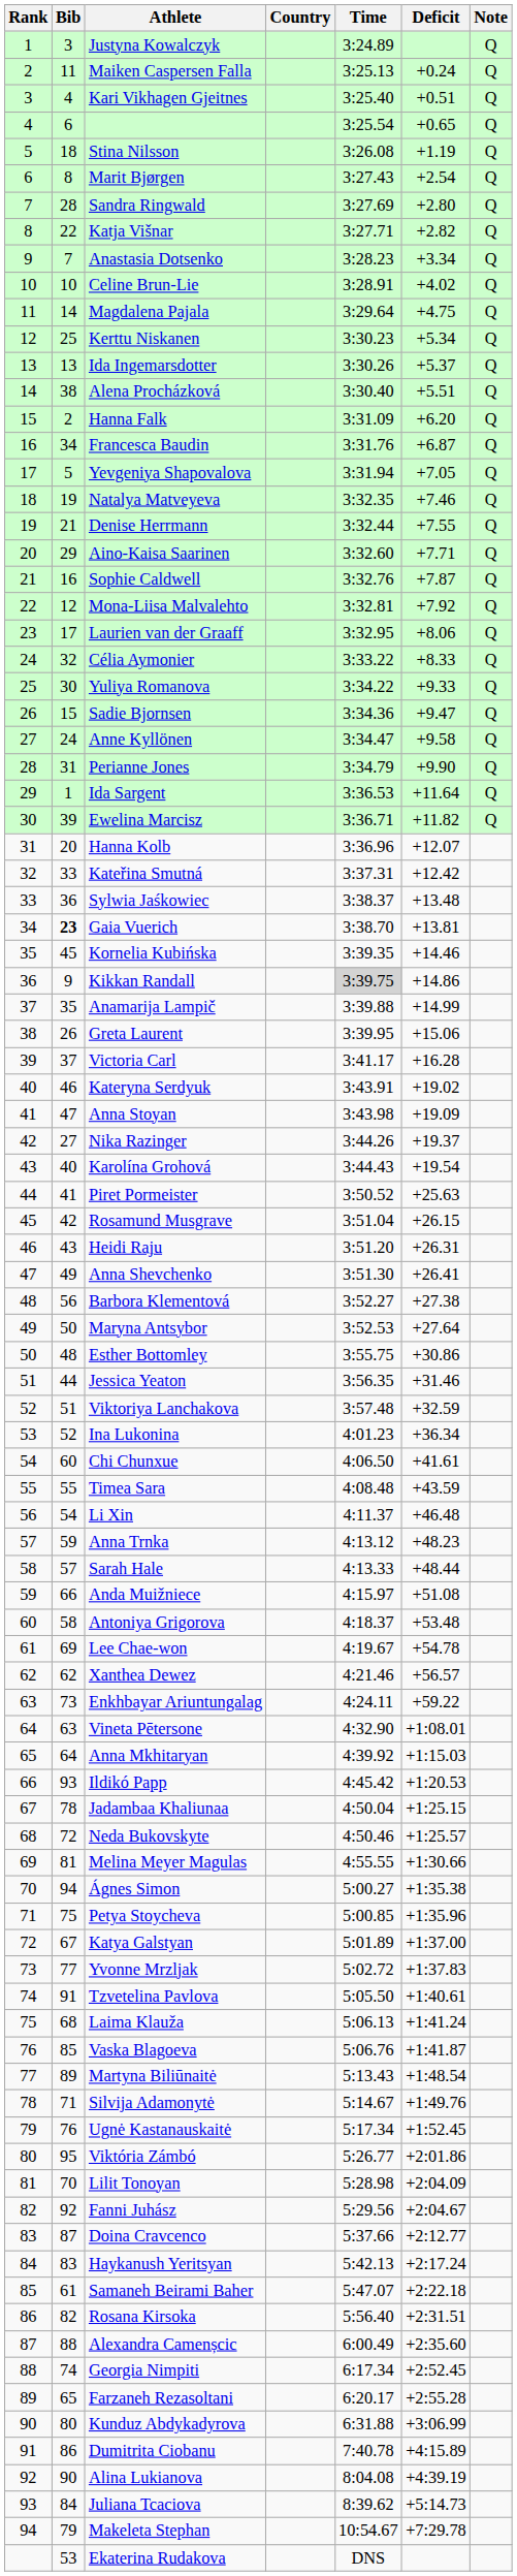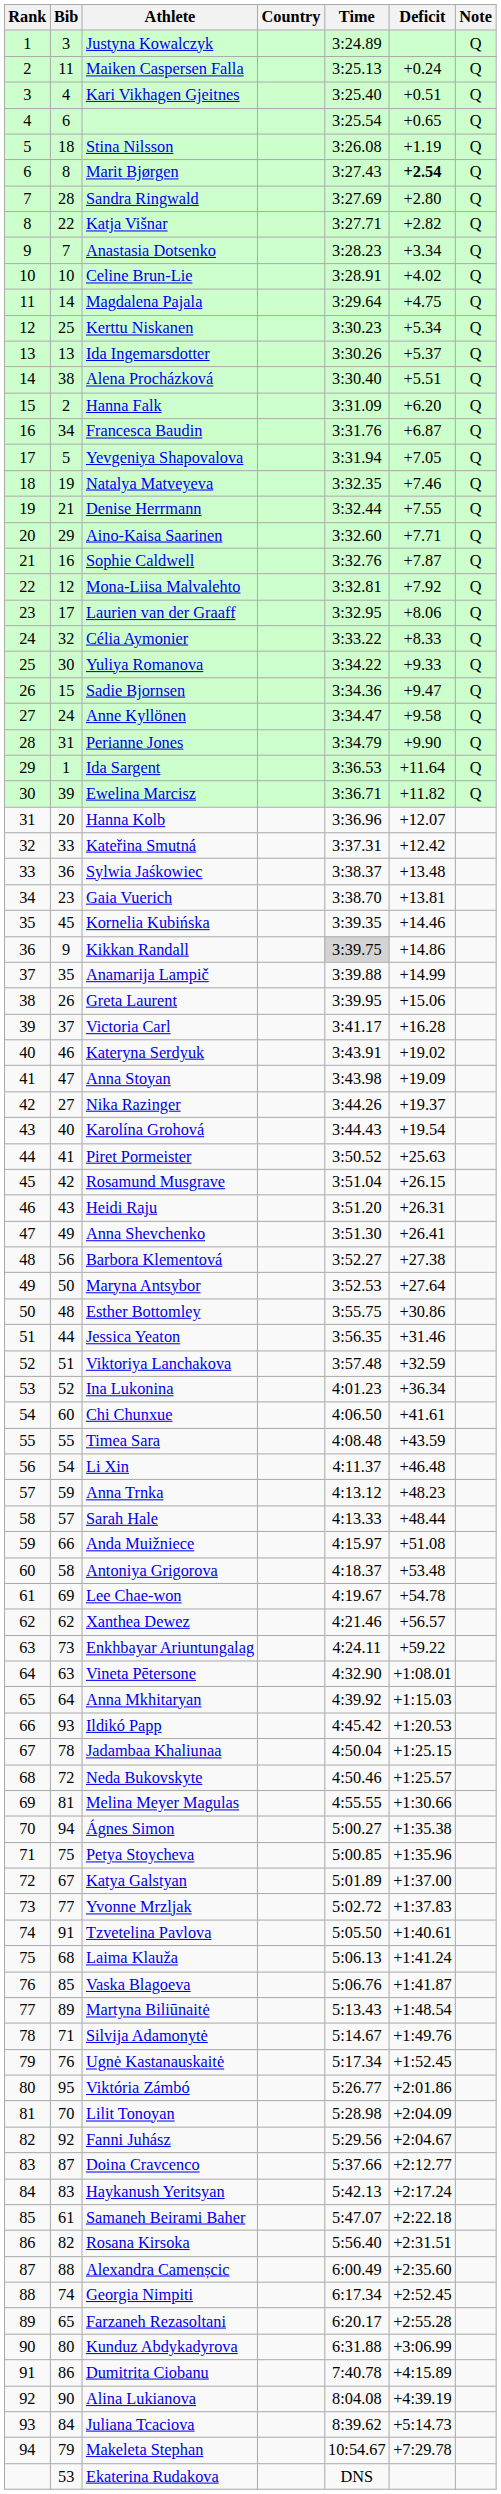 <table class="wikitable sortable" style="text-align:center">
 <tr>
 <th>Rank</th>
 <th>Bib</th>
 <th>Athlete</th>
 <th>Country</th>
 <th>Time</th>
 <th>Deficit</th>
 <th>Note</th>
 </tr>
 <tr bgcolor=ccffcc>
 <td>1</td>
 <td>3</td>
 <td align=left><a href='#'>Justyna Kowalczyk</a></td>
 <td align=left></td>
 <td>3:24.89</td>
 <td></td>
 <td>Q</td>
 </tr>
 <tr bgcolor=ccffcc>
 <td>2</td>
 <td>11</td>
 <td align=left><a href='#'>Maiken Caspersen Falla</a></td>
 <td align=left></td>
 <td>3:25.13</td>
 <td>+0.24</td>
 <td>Q</td>
 </tr>
 <tr bgcolor=ccffcc>
 <td>3</td>
 <td>4</td>
 <td align=left><a href='#'>Kari Vikhagen Gjeitnes</a></td>
 <td align=left></td>
 <td>3:25.40</td>
 <td>+0.51</td>
 <td>Q</td>
 </tr>
 <tr bgcolor=ccffcc>
 <td>4</td>
 <td>6</td>
 <td align=left></td>
 <td align=left></td>
 <td>3:25.54</td>
 <td>+0.65</td>
 <td>Q</td>
 </tr>
 <tr bgcolor=ccffcc>
 <td>5</td>
 <td>18</td>
 <td align=left><a href='#'>Stina Nilsson</a></td>
 <td align=left></td>
 <td>3:26.08</td>
 <td>+1.19</td>
 <td>Q</td>
 </tr>
 <tr bgcolor=ccffcc>
 <td>6</td>
 <td>8</td>
 <td align=left><a href='#'>Marit Bjørgen</a></td>
 <td align=left></td>
 <td>3:27.43</td>
-<td>+2.54</td>
+<td><strong>+2.54</strong></td>
 <td>Q</td>
 </tr>
 <tr bgcolor=ccffcc>
 <td>7</td>
 <td>28</td>
 <td align=left><a href='#'>Sandra Ringwald</a></td>
 <td align=left></td>
 <td>3:27.69</td>
 <td>+2.80</td>
 <td>Q</td>
 </tr>
 <tr bgcolor=ccffcc>
 <td>8</td>
 <td>22</td>
 <td align=left><a href='#'>Katja Višnar</a></td>
 <td align=left></td>
 <td>3:27.71</td>
 <td>+2.82</td>
 <td>Q</td>
 </tr>
 <tr bgcolor=ccffcc>
 <td>9</td>
 <td>7</td>
 <td align=left><a href='#'>Anastasia Dotsenko</a></td>
 <td align=left></td>
 <td>3:28.23</td>
 <td>+3.34</td>
 <td>Q</td>
 </tr>
 <tr bgcolor=ccffcc>
 <td>10</td>
 <td>10</td>
 <td align=left><a href='#'>Celine Brun-Lie</a></td>
 <td align=left></td>
 <td>3:28.91</td>
 <td>+4.02</td>
 <td>Q</td>
 </tr>
 <tr bgcolor=ccffcc>
 <td>11</td>
 <td>14</td>
 <td align=left><a href='#'>Magdalena Pajala</a></td>
 <td align=left></td>
 <td>3:29.64</td>
 <td>+4.75</td>
 <td>Q</td>
 </tr>
 <tr bgcolor=ccffcc>
 <td>12</td>
 <td>25</td>
 <td align=left><a href='#'>Kerttu Niskanen</a></td>
 <td align=left></td>
 <td>3:30.23</td>
 <td>+5.34</td>
 <td>Q</td>
 </tr>
 <tr bgcolor=ccffcc>
 <td>13</td>
 <td>13</td>
 <td align=left><a href='#'>Ida Ingemarsdotter</a></td>
 <td align=left></td>
 <td>3:30.26</td>
 <td>+5.37</td>
 <td>Q</td>
 </tr>
 <tr bgcolor=ccffcc>
 <td>14</td>
 <td>38</td>
 <td align=left><a href='#'>Alena Procházková</a></td>
 <td align=left></td>
 <td>3:30.40</td>
 <td>+5.51</td>
 <td>Q</td>
 </tr>
 <tr bgcolor=ccffcc>
 <td>15</td>
 <td>2</td>
 <td align=left><a href='#'>Hanna Falk</a></td>
 <td align=left></td>
 <td>3:31.09</td>
 <td>+6.20</td>
 <td>Q</td>
 </tr>
 <tr bgcolor=ccffcc>
 <td>16</td>
 <td>34</td>
 <td align=left><a href='#'>Francesca Baudin</a></td>
 <td align=left></td>
 <td>3:31.76</td>
 <td>+6.87</td>
 <td>Q</td>
 </tr>
 <tr bgcolor=ccffcc>
 <td>17</td>
 <td>5</td>
 <td align=left><a href='#'>Yevgeniya Shapovalova</a></td>
 <td align=left></td>
 <td>3:31.94</td>
 <td>+7.05</td>
 <td>Q</td>
 </tr>
 <tr bgcolor=ccffcc>
 <td>18</td>
 <td>19</td>
 <td align=left><a href='#'>Natalya Matveyeva</a></td>
 <td align=left></td>
 <td>3:32.35</td>
 <td>+7.46</td>
 <td>Q</td>
 </tr>
 <tr bgcolor=ccffcc>
 <td>19</td>
 <td>21</td>
 <td align=left><a href='#'>Denise Herrmann</a></td>
 <td align=left></td>
 <td>3:32.44</td>
 <td>+7.55</td>
 <td>Q</td>
 </tr>
 <tr bgcolor=ccffcc>
 <td>20</td>
 <td>29</td>
 <td align=left><a href='#'>Aino-Kaisa Saarinen</a></td>
 <td align=left></td>
 <td>3:32.60</td>
 <td>+7.71</td>
 <td>Q</td>
 </tr>
 <tr bgcolor=ccffcc>
 <td>21</td>
 <td>16</td>
 <td align=left><a href='#'>Sophie Caldwell</a></td>
 <td align=left></td>
 <td>3:32.76</td>
 <td>+7.87</td>
 <td>Q</td>
 </tr>
 <tr bgcolor=ccffcc>
 <td>22</td>
 <td>12</td>
 <td align=left><a href='#'>Mona-Liisa Malvalehto</a></td>
 <td align=left></td>
 <td>3:32.81</td>
 <td>+7.92</td>
 <td>Q</td>
 </tr>
 <tr bgcolor=ccffcc>
 <td>23</td>
 <td>17</td>
 <td align=left><a href='#'>Laurien van der Graaff</a></td>
 <td align=left></td>
 <td>3:32.95</td>
 <td>+8.06</td>
 <td>Q</td>
 </tr>
 <tr bgcolor=ccffcc>
 <td>24</td>
 <td>32</td>
 <td align=left><a href='#'>Célia Aymonier</a></td>
 <td align=left></td>
 <td>3:33.22</td>
 <td>+8.33</td>
 <td>Q</td>
 </tr>
 <tr bgcolor=ccffcc>
 <td>25</td>
 <td>30</td>
 <td align=left><a href='#'>Yuliya Romanova</a></td>
 <td align=left></td>
 <td>3:34.22</td>
 <td>+9.33</td>
 <td>Q</td>
 </tr>
 <tr bgcolor=ccffcc>
 <td>26</td>
 <td>15</td>
 <td align=left><a href='#'>Sadie Bjornsen</a></td>
 <td align=left></td>
 <td>3:34.36</td>
 <td>+9.47</td>
 <td>Q</td>
 </tr>
 <tr bgcolor=ccffcc>
 <td>27</td>
 <td>24</td>
 <td align=left><a href='#'>Anne Kyllönen</a></td>
 <td align=left></td>
 <td>3:34.47</td>
 <td>+9.58</td>
 <td>Q</td>
 </tr>
 <tr bgcolor=ccffcc>
 <td>28</td>
 <td>31</td>
 <td align=left><a href='#'>Perianne Jones</a></td>
 <td align=left></td>
 <td>3:34.79</td>
 <td>+9.90</td>
 <td>Q</td>
 </tr>
 <tr bgcolor=ccffcc>
 <td>29</td>
 <td>1</td>
 <td align=left><a href='#'>Ida Sargent</a></td>
 <td align=left></td>
 <td>3:36.53</td>
 <td>+11.64</td>
 <td>Q</td>
 </tr>
 <tr bgcolor=ccffcc>
 <td>30</td>
 <td>39</td>
 <td align=left><a href='#'>Ewelina Marcisz</a></td>
 <td align=left></td>
 <td>3:36.71</td>
 <td>+11.82</td>
 <td>Q</td>
 </tr>
 <tr>
 <td>31</td>
 <td>20</td>
 <td align=left><a href='#'>Hanna Kolb</a></td>
 <td align=left></td>
 <td>3:36.96</td>
 <td>+12.07</td>
 <td></td>
 </tr>
 <tr>
 <td>32</td>
 <td>33</td>
 <td align=left><a href='#'>Kateřina Smutná</a></td>
 <td align=left></td>
 <td>3:37.31</td>
 <td>+12.42</td>
 <td></td>
 </tr>
 <tr>
 <td>33</td>
 <td>36</td>
 <td align=left><a href='#'>Sylwia Jaśkowiec</a></td>
 <td align=left></td>
 <td>3:38.37</td>
 <td>+13.48</td>
 <td></td>
 </tr>
 <tr>
 <td>34</td>
-<td><strong>23</strong></td>
+<td>23</td>
 <td align=left><a href='#'>Gaia Vuerich</a></td>
 <td align=left></td>
 <td>3:38.70</td>
 <td>+13.81</td>
 <td></td>
 </tr>
 <tr>
 <td>35</td>
 <td>45</td>
 <td align=left><a href='#'>Kornelia Kubińska</a></td>
 <td align=left></td>
 <td>3:39.35</td>
 <td>+14.46</td>
 <td></td>
 </tr>
 <tr>
 <td>36</td>
 <td>9</td>
 <td align=left><a href='#'>Kikkan Randall</a></td>
 <td align=left></td>
 <td style="background: lightgrey;">3:39.75</td>
 <td>+14.86</td>
 <td></td>
 </tr>
 <tr>
 <td>37</td>
 <td>35</td>
 <td align=left><a href='#'>Anamarija Lampič</a></td>
 <td align=left></td>
 <td>3:39.88</td>
 <td>+14.99</td>
 <td></td>
 </tr>
 <tr>
 <td>38</td>
 <td>26</td>
 <td align=left><a href='#'>Greta Laurent</a></td>
 <td align=left></td>
 <td>3:39.95</td>
 <td>+15.06</td>
 <td></td>
 </tr>
 <tr>
 <td>39</td>
 <td>37</td>
 <td align=left><a href='#'>Victoria Carl</a></td>
 <td align=left></td>
 <td>3:41.17</td>
 <td>+16.28</td>
 <td></td>
 </tr>
 <tr>
 <td>40</td>
 <td>46</td>
 <td align=left><a href='#'>Kateryna Serdyuk</a></td>
 <td align=left></td>
 <td>3:43.91</td>
 <td>+19.02</td>
 <td></td>
 </tr>
 <tr>
 <td>41</td>
 <td>47</td>
 <td align=left><a href='#'>Anna Stoyan</a></td>
 <td align=left></td>
 <td>3:43.98</td>
 <td>+19.09</td>
 <td></td>
 </tr>
 <tr>
 <td>42</td>
 <td>27</td>
 <td align=left><a href='#'>Nika Razinger</a></td>
 <td align=left></td>
 <td>3:44.26</td>
 <td>+19.37</td>
 <td></td>
 </tr>
 <tr>
 <td>43</td>
 <td>40</td>
 <td align=left><a href='#'>Karolína Grohová</a></td>
 <td align=left></td>
 <td>3:44.43</td>
 <td>+19.54</td>
 <td></td>
 </tr>
 <tr>
 <td>44</td>
 <td>41</td>
 <td align=left><a href='#'>Piret Pormeister</a></td>
 <td align=left></td>
 <td>3:50.52</td>
 <td>+25.63</td>
 <td></td>
 </tr>
 <tr>
 <td>45</td>
 <td>42</td>
 <td align=left><a href='#'>Rosamund Musgrave</a></td>
 <td align=left></td>
 <td>3:51.04</td>
 <td>+26.15</td>
 <td></td>
 </tr>
 <tr>
 <td>46</td>
 <td>43</td>
 <td align=left><a href='#'>Heidi Raju</a></td>
 <td align=left></td>
 <td>3:51.20</td>
 <td>+26.31</td>
 <td></td>
 </tr>
 <tr>
 <td>47</td>
 <td>49</td>
 <td align=left><a href='#'>Anna Shevchenko</a></td>
 <td align=left></td>
 <td>3:51.30</td>
 <td>+26.41</td>
 <td></td>
 </tr>
 <tr>
 <td>48</td>
 <td>56</td>
 <td align=left><a href='#'>Barbora Klementová</a></td>
 <td align=left></td>
 <td>3:52.27</td>
 <td>+27.38</td>
 <td></td>
 </tr>
 <tr>
 <td>49</td>
 <td>50</td>
 <td align=left><a href='#'>Maryna Antsybor</a></td>
 <td align=left></td>
 <td>3:52.53</td>
 <td>+27.64</td>
 <td></td>
 </tr>
 <tr>
 <td>50</td>
 <td>48</td>
 <td align=left><a href='#'>Esther Bottomley</a></td>
 <td align=left></td>
 <td>3:55.75</td>
 <td>+30.86</td>
 <td></td>
 </tr>
 <tr>
 <td>51</td>
 <td>44</td>
 <td align=left><a href='#'>Jessica Yeaton</a></td>
 <td align=left></td>
 <td>3:56.35</td>
 <td>+31.46</td>
 <td></td>
 </tr>
 <tr>
 <td>52</td>
 <td>51</td>
 <td align=left><a href='#'>Viktoriya Lanchakova</a></td>
 <td align=left></td>
 <td>3:57.48</td>
 <td>+32.59</td>
 <td></td>
 </tr>
 <tr>
 <td>53</td>
 <td>52</td>
 <td align=left><a href='#'>Ina Lukonina</a></td>
 <td align=left></td>
 <td>4:01.23</td>
 <td>+36.34</td>
 <td></td>
 </tr>
 <tr>
 <td>54</td>
 <td>60</td>
 <td align=left><a href='#'>Chi Chunxue</a></td>
 <td align=left></td>
 <td>4:06.50</td>
 <td>+41.61</td>
 <td></td>
 </tr>
 <tr>
 <td>55</td>
 <td>55</td>
 <td align=left><a href='#'>Timea Sara</a></td>
 <td align=left></td>
 <td>4:08.48</td>
 <td>+43.59</td>
 <td></td>
 </tr>
 <tr>
 <td>56</td>
 <td>54</td>
 <td align=left><a href='#'>Li Xin</a></td>
 <td align=left></td>
 <td>4:11.37</td>
 <td>+46.48</td>
 <td></td>
 </tr>
 <tr>
 <td>57</td>
 <td>59</td>
 <td align=left><a href='#'>Anna Trnka</a></td>
 <td align=left></td>
 <td>4:13.12</td>
 <td>+48.23</td>
 <td></td>
 </tr>
 <tr>
 <td>58</td>
 <td>57</td>
 <td align=left><a href='#'>Sarah Hale</a></td>
 <td align=left></td>
 <td>4:13.33</td>
 <td>+48.44</td>
 <td></td>
 </tr>
 <tr>
 <td>59</td>
 <td>66</td>
 <td align=left><a href='#'>Anda Muižniece</a></td>
 <td align=left></td>
 <td>4:15.97</td>
 <td>+51.08</td>
 <td></td>
 </tr>
 <tr>
 <td>60</td>
 <td>58</td>
 <td align=left><a href='#'>Antoniya Grigorova</a></td>
 <td align=left></td>
 <td>4:18.37</td>
 <td>+53.48</td>
 <td></td>
 </tr>
 <tr>
 <td>61</td>
 <td>69</td>
 <td align=left><a href='#'>Lee Chae-won</a></td>
 <td align=left></td>
 <td>4:19.67</td>
 <td>+54.78</td>
 <td></td>
 </tr>
 <tr>
 <td>62</td>
 <td>62</td>
 <td align=left><a href='#'>Xanthea Dewez</a></td>
 <td align=left></td>
 <td>4:21.46</td>
 <td>+56.57</td>
 <td></td>
 </tr>
 <tr>
 <td>63</td>
 <td>73</td>
 <td align=left><a href='#'>Enkhbayar Ariuntungalag</a></td>
 <td align=left></td>
 <td>4:24.11</td>
 <td>+59.22</td>
 <td></td>
 </tr>
 <tr>
 <td>64</td>
 <td>63</td>
 <td align=left><a href='#'>Vineta Pētersone</a></td>
 <td align=left></td>
 <td>4:32.90</td>
 <td>+1:08.01</td>
 <td></td>
 </tr>
 <tr>
 <td>65</td>
 <td>64</td>
 <td align=left><a href='#'>Anna Mkhitaryan</a></td>
 <td align=left></td>
 <td>4:39.92</td>
 <td>+1:15.03</td>
 <td></td>
 </tr>
 <tr>
 <td>66</td>
 <td>93</td>
 <td align=left><a href='#'>Ildikó Papp</a></td>
 <td align=left></td>
 <td>4:45.42</td>
 <td>+1:20.53</td>
 <td></td>
 </tr>
 <tr>
 <td>67</td>
 <td>78</td>
 <td align=left><a href='#'>Jadambaa Khaliunaa</a></td>
 <td align=left></td>
 <td>4:50.04</td>
 <td>+1:25.15</td>
 <td></td>
 </tr>
 <tr>
 <td>68</td>
 <td>72</td>
 <td align=left><a href='#'>Neda Bukovskyte</a></td>
 <td align=left></td>
 <td>4:50.46</td>
 <td>+1:25.57</td>
 <td></td>
 </tr>
 <tr>
 <td>69</td>
 <td>81</td>
 <td align=left><a href='#'>Melina Meyer Magulas</a></td>
 <td align=left></td>
 <td>4:55.55</td>
 <td>+1:30.66</td>
 <td></td>
 </tr>
 <tr>
 <td>70</td>
 <td>94</td>
 <td align=left><a href='#'>Ágnes Simon</a></td>
 <td align=left></td>
 <td>5:00.27</td>
 <td>+1:35.38</td>
 <td></td>
 </tr>
 <tr>
 <td>71</td>
 <td>75</td>
 <td align=left><a href='#'>Petya Stoycheva</a></td>
 <td align=left></td>
 <td>5:00.85</td>
 <td>+1:35.96</td>
 <td></td>
 </tr>
 <tr>
 <td>72</td>
 <td>67</td>
 <td align=left><a href='#'>Katya Galstyan</a></td>
 <td align=left></td>
 <td>5:01.89</td>
 <td>+1:37.00</td>
 <td></td>
 </tr>
 <tr>
 <td>73</td>
 <td>77</td>
 <td align=left><a href='#'>Yvonne Mrzljak</a></td>
 <td align=left></td>
 <td>5:02.72</td>
 <td>+1:37.83</td>
 <td></td>
 </tr>
 <tr>
 <td>74</td>
 <td>91</td>
 <td align=left><a href='#'>Tzvetelina Pavlova</a></td>
 <td align=left></td>
 <td>5:05.50</td>
 <td>+1:40.61</td>
 <td></td>
 </tr>
 <tr>
 <td>75</td>
 <td>68</td>
 <td align=left><a href='#'>Laima Klauža</a></td>
 <td align=left></td>
 <td>5:06.13</td>
 <td>+1:41.24</td>
 <td></td>
 </tr>
 <tr>
 <td>76</td>
 <td>85</td>
 <td align=left><a href='#'>Vaska Blagoeva</a></td>
 <td align=left></td>
 <td>5:06.76</td>
 <td>+1:41.87</td>
 <td></td>
 </tr>
 <tr>
 <td>77</td>
 <td>89</td>
 <td align=left><a href='#'>Martyna Biliūnaitė</a></td>
 <td align=left></td>
 <td>5:13.43</td>
 <td>+1:48.54</td>
 <td></td>
 </tr>
 <tr>
 <td>78</td>
 <td>71</td>
 <td align=left><a href='#'>Silvija Adamonytė</a></td>
 <td align=left></td>
 <td>5:14.67</td>
 <td>+1:49.76</td>
 <td></td>
 </tr>
 <tr>
 <td>79</td>
 <td>76</td>
 <td align=left><a href='#'>Ugnė Kastanauskaitė</a></td>
 <td align=left></td>
 <td>5:17.34</td>
 <td>+1:52.45</td>
 <td></td>
 </tr>
 <tr>
 <td>80</td>
 <td>95</td>
 <td align=left><a href='#'>Viktória Zámbó</a></td>
 <td align=left></td>
 <td>5:26.77</td>
 <td>+2:01.86</td>
 <td></td>
 </tr>
 <tr>
 <td>81</td>
 <td>70</td>
 <td align=left><a href='#'>Lilit Tonoyan</a></td>
 <td align=left></td>
 <td>5:28.98</td>
 <td>+2:04.09</td>
 <td></td>
 </tr>
 <tr>
 <td>82</td>
 <td>92</td>
 <td align=left><a href='#'>Fanni Juhász</a></td>
 <td align=left></td>
 <td>5:29.56</td>
 <td>+2:04.67</td>
 <td></td>
 </tr>
 <tr>
 <td>83</td>
 <td>87</td>
 <td align=left><a href='#'>Doina Cravcenco</a></td>
 <td align=left></td>
 <td>5:37.66</td>
 <td>+2:12.77</td>
 <td></td>
 </tr>
 <tr>
 <td>84</td>
 <td>83</td>
 <td align=left><a href='#'>Haykanush Yeritsyan</a></td>
 <td align=left></td>
 <td>5:42.13</td>
 <td>+2:17.24</td>
 <td></td>
 </tr>
 <tr>
 <td>85</td>
 <td>61</td>
 <td align=left><a href='#'>Samaneh Beirami Baher</a></td>
 <td align=left></td>
 <td>5:47.07</td>
 <td>+2:22.18</td>
 <td></td>
 </tr>
 <tr>
 <td>86</td>
 <td>82</td>
 <td align=left><a href='#'>Rosana Kirsoka</a></td>
 <td align=left></td>
 <td>5:56.40</td>
 <td>+2:31.51</td>
 <td></td>
 </tr>
 <tr>
 <td>87</td>
 <td>88</td>
 <td align=left><a href='#'>Alexandra Camenșcic</a></td>
 <td align=left></td>
 <td>6:00.49</td>
 <td>+2:35.60</td>
 <td></td>
 </tr>
 <tr>
 <td>88</td>
 <td>74</td>
 <td align=left><a href='#'>Georgia Nimpiti</a></td>
 <td align=left></td>
 <td>6:17.34</td>
 <td>+2:52.45</td>
 <td></td>
 </tr>
 <tr>
 <td>89</td>
 <td>65</td>
 <td align=left><a href='#'>Farzaneh Rezasoltani</a></td>
 <td align=left></td>
 <td>6:20.17</td>
 <td>+2:55.28</td>
 <td></td>
 </tr>
 <tr>
 <td>90</td>
 <td>80</td>
 <td align=left><a href='#'>Kunduz Abdykadyrova</a></td>
 <td align=left></td>
 <td>6:31.88</td>
 <td>+3:06.99</td>
 <td></td>
 </tr>
 <tr>
 <td>91</td>
 <td>86</td>
 <td align=left><a href='#'>Dumitrita Ciobanu</a></td>
 <td align=left></td>
 <td>7:40.78</td>
 <td>+4:15.89</td>
 <td></td>
 </tr>
 <tr>
 <td>92</td>
 <td>90</td>
 <td align=left><a href='#'>Alina Lukianova</a></td>
 <td align=left></td>
 <td>8:04.08</td>
 <td>+4:39.19</td>
 <td></td>
 </tr>
 <tr>
 <td>93</td>
 <td>84</td>
 <td align=left><a href='#'>Juliana Tcaciova</a></td>
 <td align=left></td>
 <td>8:39.62</td>
 <td>+5:14.73</td>
 <td></td>
 </tr>
 <tr>
 <td>94</td>
 <td>79</td>
 <td align=left><a href='#'>Makeleta Stephan</a></td>
 <td align=left></td>
 <td>10:54.67</td>
 <td>+7:29.78</td>
 <td></td>
 </tr>
 <tr>
 <td></td>
 <td>53</td>
 <td align=left><a href='#'>Ekaterina Rudakova</a></td>
 <td align=left></td>
 <td>DNS</td>
 <td></td>
 <td></td>
 </tr>
 </table>
